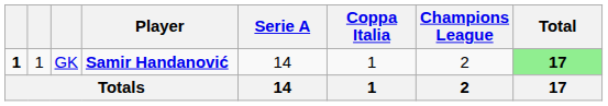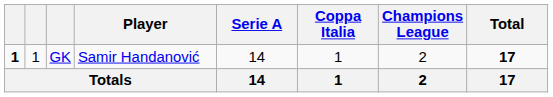 <table class="wikitable" style="text-align:center">
 <tr>
 <th width=15></th>
 <th width=15></th>
 <th width=15></th>
 <th width=145>Player</th>
 <th width=80><a href='#'>Serie A</a></th>
 <th width=80><a href='#'>Coppa Italia</a></th>
 <th width=80><a href='#'>Champions League</a></th>
 <th width=80>Total</th>
 </tr>
 <tr>
 <td><strong>1</strong></td>
 <td>1</td>
 <td><a href='#'>GK</a></td>
-<td align=left><strong> <a href='#'>Samir Handanović</a></strong></td>
+<td align=left> <a href='#'>Samir Handanović</a></td>
 <td>14</td>
 <td>1</td>
 <td>2</td>
-<td style="background: lightgreen;"><strong>17</strong></td>
+<td><strong>17</strong></td>
 </tr>
 <tr>
 <th colspan=4>Totals</th>
 <th>14</th>
 <th>1</th>
 <th>2</th>
 <th>17</th>
 </tr>
 </table>
